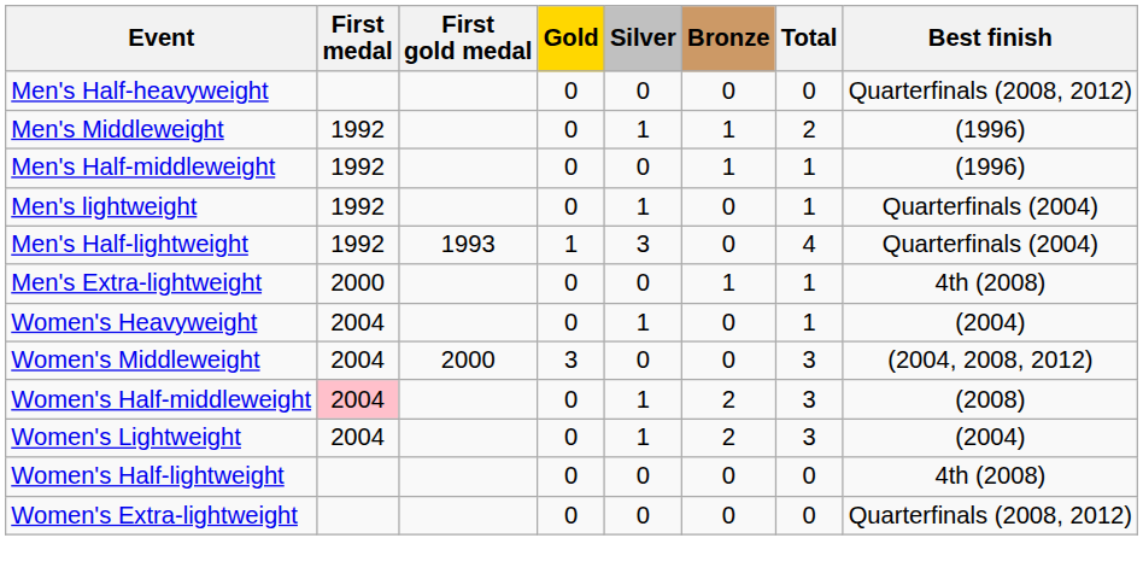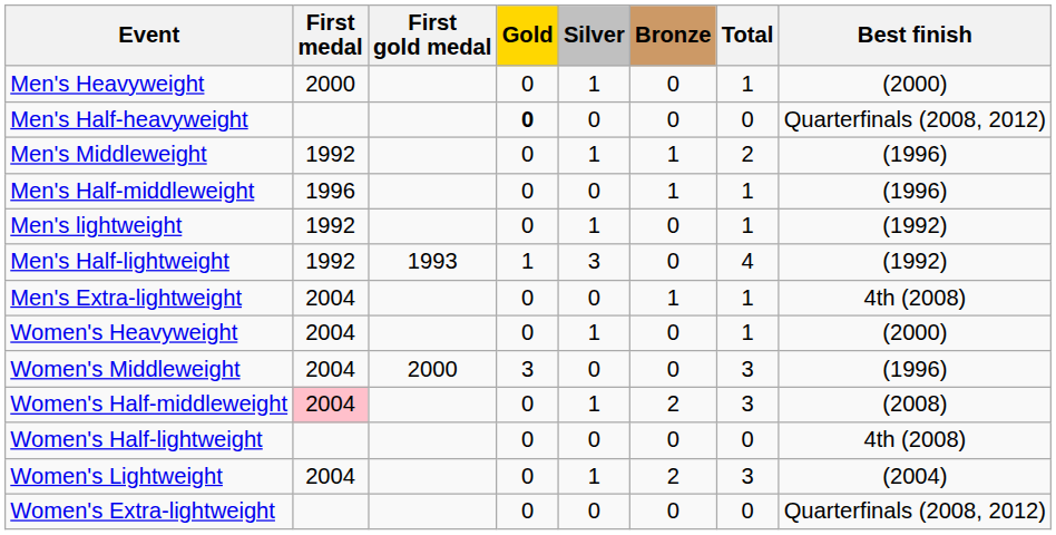 <table class="wikitable sortable" style="text-align:center">
 <tr>
 <th>Event</th>
 <th>First<br>medal</th>
 <th>First<br>gold medal</th>
 <th style="background-color:gold;">Gold</th>
 <th style="background-color:silver;">Silver</th>
 <th style="background-color:#c96;">Bronze</th>
 <th>Total</th>
 <th>Best finish</th>
 </tr>
 <tr>
+<td align="left"><a href='#'>Men's Heavyweight</a></td>
+<td>2000</td>
+<td></td>
+<td>0</td>
+<td>1</td>
+<td>0</td>
+<td>1</td>
+<td> (2000)</td>
+</tr>
+<tr>
 <td align="left"><a href='#'>Men's Half-heavyweight</a></td>
 <td></td>
 <td></td>
-<td>0</td>
+<td><strong>0</strong></td>
 <td>0</td>
 <td>0</td>
 <td>0</td>
 <td>Quarterfinals (2008, 2012)</td>
 </tr>
 <tr>
 <td align="left"><a href='#'>Men's Middleweight</a></td>
 <td>1992</td>
 <td></td>
 <td>0</td>
 <td>1</td>
 <td>1</td>
 <td>2</td>
 <td> (1996)</td>
 </tr>
 <tr>
 <td align="left"><a href='#'>Men's Half-middleweight</a></td>
-<td>1992</td>
+<td>1996</td>
 <td></td>
 <td>0</td>
 <td>0</td>
 <td>1</td>
 <td>1</td>
 <td> (1996)</td>
 </tr>
 <tr>
 <td align="left"><a href='#'>Men's lightweight</a></td>
 <td>1992</td>
 <td></td>
 <td>0</td>
 <td>1</td>
 <td>0</td>
 <td>1</td>
-<td>Quarterfinals (2004)</td>
+<td> (1992)</td>
 </tr>
 <tr>
 <td align="left"><a href='#'>Men's Half-lightweight</a></td>
 <td>1992</td>
 <td>1993</td>
 <td>1</td>
 <td>3</td>
 <td>0</td>
 <td>4</td>
-<td>Quarterfinals (2004)</td>
+<td> (1992)</td>
 </tr>
 <tr>
 <td align="left"><a href='#'>Men's Extra-lightweight</a></td>
-<td>2000</td>
+<td>2004</td>
 <td></td>
 <td>0</td>
 <td>0</td>
 <td>1</td>
 <td>1</td>
 <td>4th (2008)</td>
 </tr>
 <tr>
 <td align="left"><a href='#'>Women's Heavyweight</a></td>
 <td>2004</td>
 <td></td>
 <td>0</td>
 <td>1</td>
 <td>0</td>
 <td>1</td>
-<td> (2004)</td>
+<td> (2000)</td>
 </tr>
 <tr>
 <td align="left"><a href='#'>Women's Middleweight</a></td>
 <td>2004</td>
 <td>2000</td>
 <td>3</td>
 <td>0</td>
 <td>0</td>
 <td>3</td>
-<td> (2004, 2008, 2012)</td>
+<td> (1996)</td>
 </tr>
 <tr>
 <td align="left"><a href='#'>Women's Half-middleweight</a></td>
 <td style="background: pink;">2004</td>
 <td></td>
 <td>0</td>
 <td>1</td>
 <td>2</td>
 <td>3</td>
 <td> (2008)</td>
 </tr>
 <tr>
+<td align="left"><a href='#'>Women's Half-lightweight</a></td>
+<td></td>
+<td></td>
+<td>0</td>
+<td>0</td>
+<td>0</td>
+<td>0</td>
+<td>4th (2008)</td>
+</tr>
+<tr>
 <td align="left"><a href='#'>Women's Lightweight</a></td>
 <td>2004</td>
 <td></td>
 <td>0</td>
 <td>1</td>
 <td>2</td>
 <td>3</td>
 <td> (2004)</td>
-</tr>
-<tr>
-<td align="left"><a href='#'>Women's Half-lightweight</a></td>
-<td></td>
-<td></td>
-<td>0</td>
-<td>0</td>
-<td>0</td>
-<td>0</td>
-<td>4th (2008)</td>
 </tr>
 <tr>
 <td align="left"><a href='#'>Women's Extra-lightweight</a></td>
 <td></td>
 <td></td>
 <td>0</td>
 <td>0</td>
 <td>0</td>
 <td>0</td>
 <td>Quarterfinals (2008, 2012)</td>
 </tr>
 </table>
